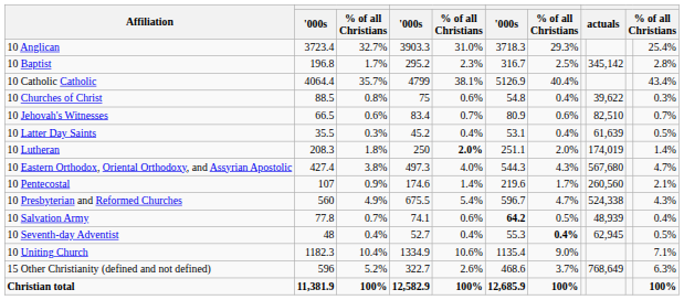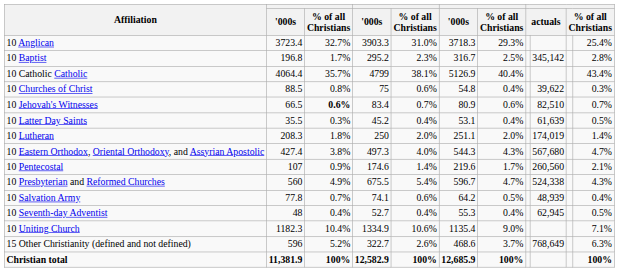 <table class="wikitable sortable">
 <tr>
 <th scope="col" rowspan=2>Affiliation</th>
 <th scope="col" colspan=2></th>
 <th scope="col" colspan=2></th>
 <th scope="col" colspan=2></th>
 <th scope="col" colspan=4></th>
 </tr>
 <tr>
 <th scope="col">'000s</th>
 <th scope="col">% of all<br>Christians</th>
 <th scope="col">'000s</th>
 <th scope="col">% of all<br>Christians</th>
 <th scope="col">'000s</th>
 <th scope="col">% of all<br>Christians</th>
 <th scope="col" colspan=2>actuals</th>
 <th scope="col" colspan=2>% of all<br>Christians</th>
 </tr>
 <tr>
 <td style="text-align:left;"><span>10</span> <a href='#'>Anglican</a></td>
 <td style="text-align:right;">3723.4</td>
 <td style="text-align:right;">32.7%</td>
 <td style="text-align:right;">3903.3</td>
 <td style="text-align:right;">31.0%</td>
 <td style="text-align:right;">3718.3</td>
 <td style="text-align:right;">29.3%</td>
 <td style="text-align:center;"></td>
 <td style="text-align:right;"></td>
 <td style="text-align:center;"></td>
 <td style="text-align:right;">25.4%</td>
 </tr>
 <tr>
 <td style="text-align:left;"><span>10</span> <a href='#'>Baptist</a></td>
 <td style="text-align:right;">196.8</td>
 <td style="text-align:right;">1.7%</td>
 <td style="text-align:right;">295.2</td>
 <td style="text-align:right;">2.3%</td>
 <td style="text-align:right;">316.7</td>
 <td style="text-align:right;">2.5%</td>
 <td style="text-align:center;"></td>
 <td style="text-align:right;">345,142</td>
 <td style="text-align:center;"></td>
 <td style="text-align:right;">2.8%</td>
 </tr>
 <tr>
 <td style="text-align:left;"><span>10 Catholic</span> <a href='#'>Catholic</a></td>
 <td style="text-align:right;">4064.4</td>
 <td style="text-align:right;">35.7%</td>
 <td style="text-align:right;">4799</td>
 <td style="text-align:right;">38.1%</td>
 <td style="text-align:right;">5126.9</td>
 <td style="text-align:right;">40.4%</td>
 <td style="text-align:center;"></td>
 <td style="text-align:right;"></td>
 <td style="text-align:center;"></td>
 <td style="text-align:right;">43.4%</td>
 </tr>
 <tr>
 <td style="text-align:left;"><span>10</span> <a href='#'>Churches of Christ</a></td>
 <td style="text-align:right;">88.5</td>
 <td style="text-align:right;">0.8%</td>
 <td style="text-align:right;">75</td>
 <td style="text-align:right;">0.6%</td>
 <td style="text-align:right;">54.8</td>
 <td style="text-align:right;">0.4%</td>
 <td style="text-align:center;"></td>
 <td style="text-align:right;">39,622</td>
 <td style="text-align:center;"></td>
 <td style="text-align:right;">0.3%</td>
 </tr>
 <tr>
 <td style="text-align:left;"><span>10</span> <a href='#'>Jehovah's Witnesses</a></td>
 <td style="text-align:right;">66.5</td>
-<td style="text-align:right;">0.6%</td>
+<td style="text-align:right;"><strong>0.6%</strong></td>
 <td style="text-align:right;">83.4</td>
 <td style="text-align:right;">0.7%</td>
 <td style="text-align:right;">80.9</td>
 <td style="text-align:right;">0.6%</td>
 <td style="text-align:center;"></td>
 <td style="text-align:right;">82,510</td>
 <td style="text-align:center;"></td>
 <td style="text-align:right;">0.7%</td>
 </tr>
 <tr>
 <td style="text-align:left;"><span>10</span> <a href='#'>Latter Day Saints</a></td>
 <td style="text-align:right;">35.5</td>
 <td style="text-align:right;">0.3%</td>
 <td style="text-align:right;">45.2</td>
 <td style="text-align:right;">0.4%</td>
 <td style="text-align:right;">53.1</td>
 <td style="text-align:right;">0.4%</td>
 <td style="text-align:center;"></td>
 <td style="text-align:right;">61,639</td>
 <td style="text-align:center;"></td>
 <td style="text-align:right;">0.5%</td>
 </tr>
 <tr>
 <td style="text-align:left;"><span>10</span> <a href='#'>Lutheran</a></td>
 <td style="text-align:right;">208.3</td>
 <td style="text-align:right;">1.8%</td>
 <td style="text-align:right;">250</td>
-<td style="text-align:right;"><strong>2.0%</strong></td>
+<td style="text-align:right;">2.0%</td>
 <td style="text-align:right;">251.1</td>
 <td style="text-align:right;">2.0%</td>
 <td style="text-align:center;"></td>
 <td style="text-align:right;">174,019</td>
 <td style="text-align:center;"></td>
 <td style="text-align:right;">1.4%</td>
 </tr>
 <tr>
 <td style="text-align:left;"><span>10</span> <a href='#'>Eastern Orthodox</a>, <a href='#'>Oriental Orthodoxy</a>, and <a href='#'>Assyrian Apostolic</a></td>
 <td style="text-align:right;">427.4</td>
 <td style="text-align:right;">3.8%</td>
 <td style="text-align:right;">497.3</td>
 <td style="text-align:right;">4.0%</td>
 <td style="text-align:right;">544.3</td>
 <td style="text-align:right;">4.3%</td>
 <td style="text-align:center;"></td>
 <td style="text-align:right;">567,680</td>
 <td style="text-align:center;"></td>
 <td style="text-align:right;">4.7%</td>
 </tr>
 <tr>
 <td style="text-align:left;"><span>10</span> <a href='#'>Pentecostal</a></td>
 <td style="text-align:right;">107</td>
 <td style="text-align:right;">0.9%</td>
 <td style="text-align:right;">174.6</td>
 <td style="text-align:right;">1.4%</td>
 <td style="text-align:right;">219.6</td>
 <td style="text-align:right;">1.7%</td>
 <td style="text-align:center;"></td>
 <td style="text-align:right;">260,560</td>
 <td style="text-align:center;"></td>
 <td style="text-align:right;">2.1%</td>
 </tr>
 <tr>
 <td style="text-align:left;"><span>10</span> <a href='#'>Presbyterian</a> and <a href='#'>Reformed Churches</a></td>
 <td style="text-align:right;">560</td>
 <td style="text-align:right;">4.9%</td>
 <td style="text-align:right;">675.5</td>
 <td style="text-align:right;">5.4%</td>
 <td style="text-align:right;">596.7</td>
 <td style="text-align:right;">4.7%</td>
 <td style="text-align:center;"></td>
 <td style="text-align:right;">524,338</td>
 <td style="text-align:center;"></td>
 <td style="text-align:right;">4.3%</td>
 </tr>
 <tr>
 <td style="text-align:left;"><span>10</span> <a href='#'>Salvation Army</a></td>
 <td style="text-align:right;">77.8</td>
 <td style="text-align:right;">0.7%</td>
 <td style="text-align:right;">74.1</td>
 <td style="text-align:right;">0.6%</td>
-<td style="text-align:right;"><strong>64.2</strong></td>
+<td style="text-align:right;">64.2</td>
 <td style="text-align:right;">0.5%</td>
 <td style="text-align:center;"></td>
 <td style="text-align:right;">48,939</td>
 <td style="text-align:center;"></td>
 <td style="text-align:right;">0.4%</td>
 </tr>
 <tr>
 <td style="text-align:left;"><span>10</span> <a href='#'>Seventh-day Adventist</a></td>
 <td style="text-align:right;">48</td>
 <td style="text-align:right;">0.4%</td>
 <td style="text-align:right;">52.7</td>
 <td style="text-align:right;">0.4%</td>
 <td style="text-align:right;">55.3</td>
-<td style="text-align:right;"><strong>0.4%</strong></td>
+<td style="text-align:right;">0.4%</td>
 <td style="text-align:center;"></td>
 <td style="text-align:right;">62,945</td>
 <td style="text-align:center;"></td>
 <td style="text-align:right;">0.5%</td>
 </tr>
 <tr>
 <td style="text-align:left;"><span>10</span> <a href='#'>Uniting Church</a></td>
 <td style="text-align:right;">1182.3</td>
 <td style="text-align:right;">10.4%</td>
 <td style="text-align:right;">1334.9</td>
 <td style="text-align:right;">10.6%</td>
 <td style="text-align:right;">1135.4</td>
 <td style="text-align:right;">9.0%</td>
 <td style="text-align:center;"></td>
 <td style="text-align:right;"></td>
 <td style="text-align:center;"></td>
 <td style="text-align:right;">7.1%</td>
 </tr>
 <tr>
 <td style="text-align:left;"><span>15</span> Other Christianity (defined and not defined)</td>
 <td style="text-align:right;">596</td>
 <td style="text-align:right;">5.2%</td>
 <td style="text-align:right;">322.7</td>
 <td style="text-align:right;">2.6%</td>
 <td style="text-align:right;">468.6</td>
 <td style="text-align:right;">3.7%</td>
 <td style="text-align:center;"></td>
 <td style="text-align:right;">768,649</td>
 <td style="text-align:center;"></td>
 <td style="text-align:right;">6.3%</td>
 </tr>
 <tr class="sortbottom">
 <td style="text-align:left;"><strong>Christian total</strong></td>
 <td style="text-align:right;"><strong>11,381.9</strong></td>
 <td style="text-align:right;"><strong>100%</strong></td>
 <td style="text-align:right;"><strong>12,582.9</strong></td>
 <td style="text-align:right;"><strong>100%</strong></td>
 <td style="text-align:right;"><strong>12,685.9</strong></td>
 <td style="text-align:right;"><strong>100%</strong></td>
 <td style="text-align:center;"></td>
 <td style="text-align:right;"><strong></strong></td>
 <td style="text-align:center;"></td>
 <td style="text-align:right;"><strong>100%</strong></td>
 </tr>
 </table>
